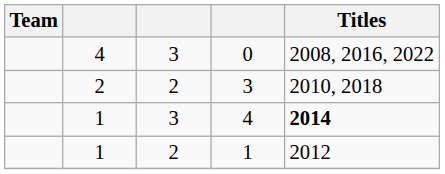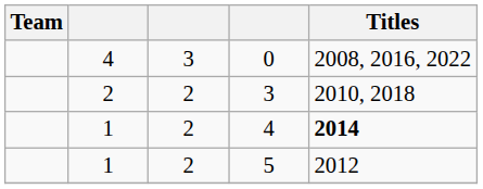 <table class="wikitable sortable" style="font-size:100%; text-align:center;">
 <tr>
 <th>Team</th>
 <th width=50></th>
 <th width=50></th>
 <th width=50></th>
 <th>Titles</th>
 </tr>
 <tr>
 <td align=left></td>
 <td>4</td>
 <td>3</td>
 <td>0</td>
 <td align=left>2008, 2016, 2022</td>
 </tr>
 <tr>
 <td align=left></td>
 <td>2</td>
 <td>2</td>
 <td>3</td>
 <td align=left>2010, 2018</td>
 </tr>
 <tr>
 <td align=left></td>
 <td>1</td>
-<td>3</td>
+<td>2</td>
 <td>4</td>
 <td align=left><strong>2014</strong></td>
 </tr>
 <tr>
 <td align=left></td>
 <td>1</td>
 <td>2</td>
-<td>1</td>
+<td>5</td>
 <td align=left>2012</td>
 </tr>
 <tr>
 </tr>
 </table>
